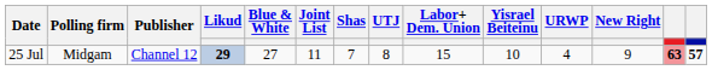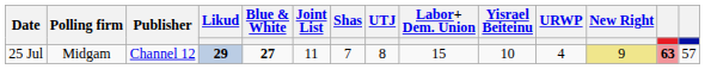 <table class="wikitable sortable" style="text-align:center;font-size:90%;line-height:13px">
 <tr>
 <th rowspan="2">Date</th>
 <th rowspan="2">Polling firm</th>
 <th rowspan="2">Publisher</th>
 <th><a href='#'>Likud</a></th>
 <th><a href='#'>Blue &<br>White</a></th>
 <th><a href='#'>Joint<br>List</a></th>
 <th><a href='#'>Shas</a></th>
 <th><a href='#'>UTJ</a></th>
 <th><a href='#'>Labor</a>+<br><a href='#'>Dem. Union</a></th>
 <th><a href='#'>Yisrael<br>Beiteinu</a></th>
 <th><a href='#'>URWP</a></th>
 <th><a href='#'>New Right</a></th>
 <th></th>
 <th></th>
 </tr>
 <tr>
 <th style="background:"></th>
 <th style="background:"></th>
 <th style="background:"></th>
 <th style="background:"></th>
 <th style="background:"></th>
 <th style="background:"></th>
 <th style="background:"></th>
 <th style="background:"></th>
 <th style="background:"></th>
 <th style="background:#E81B23;"></th>
 <th style="background:#000EA3;"></th>
 </tr>
 <tr>
 <td data-sort-value="2019-07-25">25 Jul</td>
 <td>Midgam</td>
 <td><a href='#'>Channel 12</a></td>
 <td style="background:#BBCDE4"><strong>29</strong>	</td>
-<td>27					</td>
+<td><strong>27					</strong></td>
 <td>11					</td>
 <td>7					</td>
 <td>8					</td>
 <td>15					</td>
 <td>10					</td>
 <td>4					</td>
-<td>9					</td>
+<td style="background: khaki;">9					</td>
 <td style="background:#F4959A"><strong>63</strong>	</td>
-<td><strong>57					</strong></td>
+<td>57					</td>
 </tr>
 </table>
